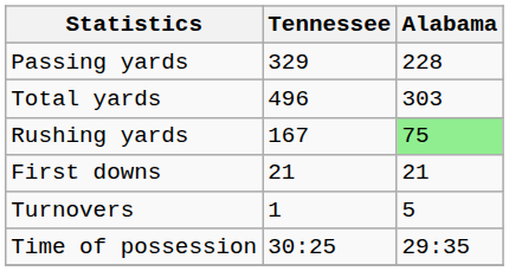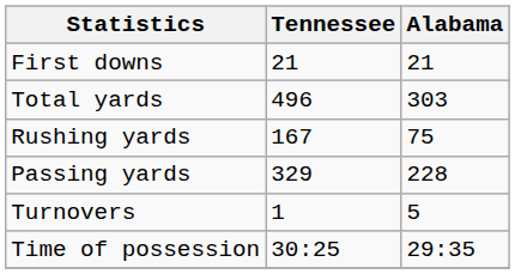 <table class="wikitable" style="float: left;">
 <tr>
 <th>Statistics</th>
 <th>Tennessee</th>
 <th>Alabama</th>
 </tr>
 <tr>
-<td>Passing yards</td>
-<td>329</td>
-<td>228</td>
+<td>First downs</td>
+<td>21</td>
+<td>21</td>
 </tr>
 <tr>
 <td>Total yards</td>
 <td>496</td>
 <td>303</td>
 </tr>
 <tr>
 <td>Rushing yards</td>
 <td>167</td>
-<td style="background: lightgreen;">75</td>
+<td>75</td>
 </tr>
 <tr>
-<td>First downs</td>
-<td>21</td>
-<td>21</td>
+<td>Passing yards</td>
+<td>329</td>
+<td>228</td>
 </tr>
 <tr>
 <td>Turnovers</td>
 <td>1</td>
 <td>5</td>
 </tr>
 <tr>
 <td>Time of possession</td>
 <td>30:25</td>
 <td>29:35</td>
 </tr>
 <tr>
 </tr>
 </table>
